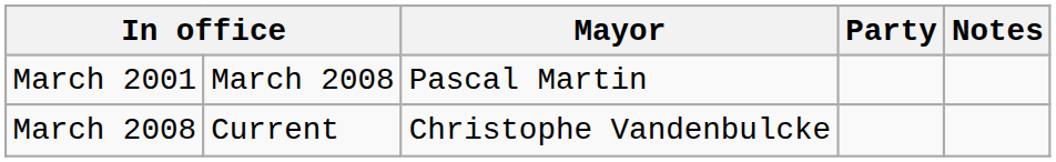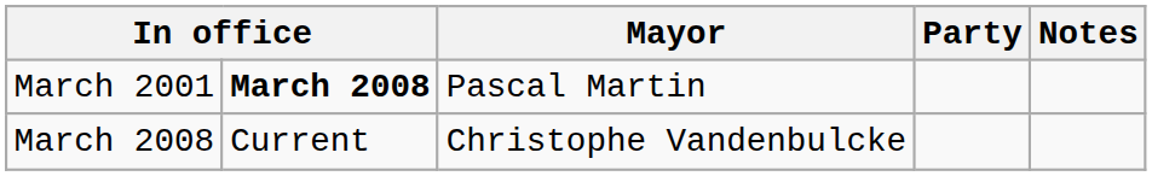 <table class="wikitable">
 <tr>
 <th colspan="2">In office</th>
 <th>Mayor</th>
 <th>Party</th>
 <th>Notes</th>
 </tr>
 <tr>
 <td>March 2001</td>
-<td>March 2008</td>
+<td><strong>March 2008</strong></td>
 <td>Pascal Martin</td>
 <td></td>
 <td></td>
 </tr>
 <tr>
 <td>March 2008</td>
 <td>Current</td>
 <td>Christophe Vandenbulcke</td>
 <td></td>
 <td></td>
 </tr>
 </table>
